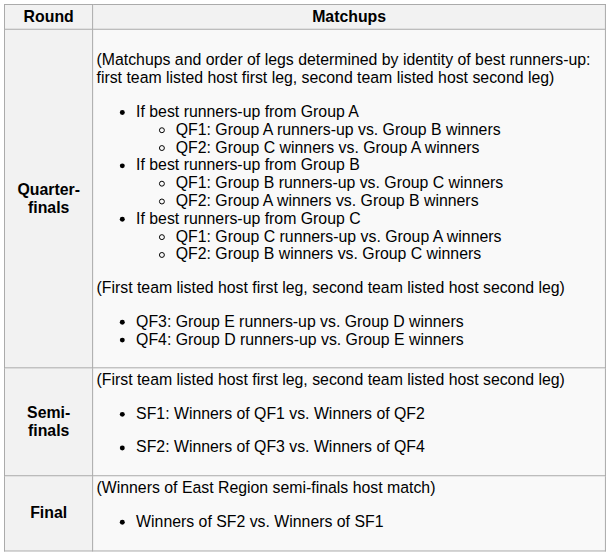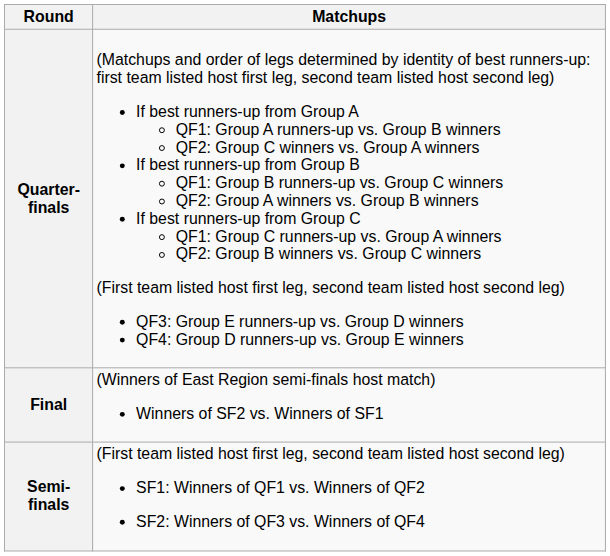 <table class=wikitable>
 <tr>
 <th>Round</th>
 <th>Matchups</th>
 </tr>
 <tr>
 <th>Quarter-finals</th>
 <td><br> (Matchups and order of legs determined by identity of best runners-up: first team listed host first leg, second team listed host second leg)<ul><li>If best runners-up from Group A<ul><li>QF1: Group A runners-up vs. Group B winners</li><li>QF2: Group C winners vs. Group A winners</li></ul></li><li>If best runners-up from Group B<ul><li>QF1: Group B runners-up vs. Group C winners</li><li>QF2: Group A winners vs. Group B winners</li></ul></li><li>If best runners-up from Group C<ul><li>QF1: Group C runners-up vs. Group A winners</li><li>QF2: Group B winners vs. Group C winners</li></ul></li></ul>(First team listed host first leg, second team listed host second leg)<ul><li>QF3: Group E runners-up vs. Group D winners</li><li>QF4: Group D runners-up vs. Group E winners</li></ul></td>
 </tr>
 <tr>
+<th>Final</th>
+<td>(Winners of East Region semi-finals host match)<br><ul><li>Winners of SF2 vs. Winners of SF1</li></ul></td>
+</tr>
+<tr>
 <th>Semi-finals</th>
 <td>(First team listed host first leg, second team listed host second leg)<br> <ul><li>SF1: Winners of QF1 vs. Winners of QF2</li></ul><ul><li>SF2: Winners of QF3 vs. Winners of QF4</li></ul></td>
 </tr>
-<tr>
-<th>Final</th>
-<td>(Winners of East Region semi-finals host match)<br><ul><li>Winners of SF2 vs. Winners of SF1</li></ul></td>
-</tr>
 </table>
